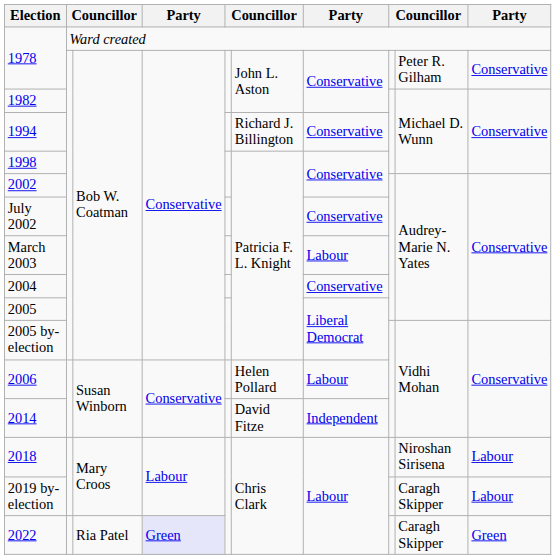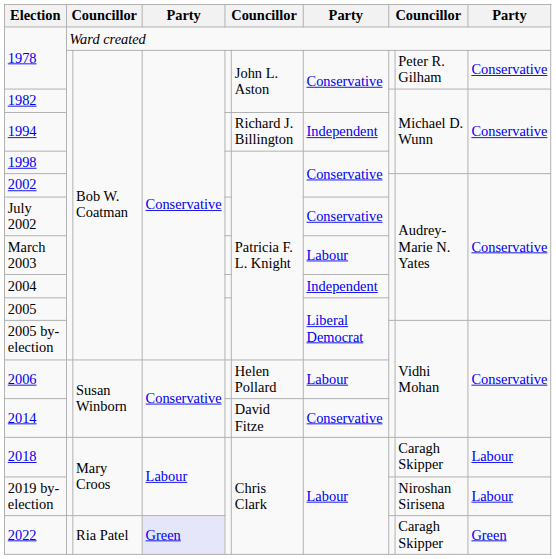 <table class="wikitable">
 <tr>
 <th>Election</th>
 <th colspan="2">Councillor</th>
 <th>Party</th>
 <th colspan="2">Councillor</th>
 <th>Party</th>
 <th colspan="2">Councillor</th>
 <th>Party</th>
 </tr>
 <tr>
 <td rowspan="2"><a href='#'>1978</a></td>
 <td colspan="12"><em>Ward created</em></td>
 </tr>
 <tr>
 <td rowspan="10" style="background-color: "></td>
 <td rowspan="10">Bob W. Coatman</td>
 <td rowspan="10"><a href='#'>Conservative</a></td>
 <td rowspan="2" style="background-color: "></td>
 <td rowspan="2">John L. Aston</td>
 <td rowspan="2"><a href='#'>Conservative</a></td>
 <td style="background-color: "></td>
 <td>Peter R. Gilham</td>
 <td><a href='#'>Conservative</a></td>
 </tr>
 <tr>
 <td><a href='#'>1982</a></td>
 <td rowspan="3" style="background-color: "></td>
 <td rowspan="3">Michael D. Wunn</td>
 <td rowspan="3"><a href='#'>Conservative</a></td>
 </tr>
 <tr>
 <td><a href='#'>1994</a></td>
 <td style="background-color: "></td>
 <td>Richard J. Billington</td>
-<td><a href='#'>Conservative</a></td>
+<td><a href='#'>Independent</a></td>
 </tr>
 <tr>
 <td><a href='#'>1998</a></td>
 <td rowspan="2" style="background-color: "></td>
 <td rowspan="7">Patricia F. L. Knight</td>
 <td rowspan="2"><a href='#'>Conservative</a></td>
 </tr>
 <tr>
 <td><a href='#'>2002</a></td>
 <td rowspan="5" style="background-color: "></td>
 <td rowspan="5">Audrey-Marie N. Yates</td>
 <td rowspan="5"><a href='#'>Conservative</a></td>
 </tr>
 <tr>
 <td>July 2002</td>
 <td style="background-color: "></td>
 <td><a href='#'>Conservative</a></td>
 </tr>
 <tr>
 <td>March 2003</td>
 <td style="background-color: "></td>
 <td><a href='#'>Labour</a></td>
 </tr>
 <tr>
 <td>2004</td>
 <td style="background-color: "></td>
-<td><a href='#'>Conservative</a></td>
+<td><a href='#'>Independent</a></td>
 </tr>
 <tr>
 <td>2005</td>
 <td rowspan="2" style="background-color: "></td>
 <td rowspan="2"><a href='#'>Liberal Democrat</a></td>
 </tr>
 <tr>
 <td>2005 by-election</td>
 <td rowspan="3" style="background-color: "></td>
 <td rowspan="3">Vidhi Mohan</td>
 <td rowspan="3"><a href='#'>Conservative</a></td>
 </tr>
 <tr>
 <td><a href='#'>2006</a></td>
 <td rowspan="2" style="background-color: "></td>
 <td rowspan="2">Susan Winborn</td>
 <td rowspan="2"><a href='#'>Conservative</a></td>
 <td style="background-color: "></td>
 <td>Helen Pollard</td>
 <td><a href='#'>Labour</a></td>
 </tr>
 <tr>
 <td><a href='#'>2014</a></td>
 <td style="background-color: "></td>
 <td>David Fitze</td>
-<td><a href='#'>Independent</a></td>
+<td><a href='#'>Conservative</a></td>
 </tr>
 <tr>
 <td><a href='#'>2018</a></td>
 <td rowspan="2" style="background-color: "></td>
 <td rowspan="2">Mary Croos</td>
 <td rowspan="2"><a href='#'>Labour</a></td>
 <td rowspan="3" style="background-color: "></td>
 <td rowspan="3">Chris Clark</td>
 <td rowspan="3"><a href='#'>Labour</a></td>
 <td style="background-color: "></td>
-<td>Niroshan Sirisena</td>
+<td>Caragh Skipper</td>
 <td><a href='#'>Labour</a></td>
 </tr>
 <tr>
 <td>2019 by-election</td>
 <td style="background-color: "></td>
-<td>Caragh Skipper</td>
+<td>Niroshan Sirisena</td>
 <td><a href='#'>Labour</a></td>
 </tr>
 <tr>
 <td><a href='#'>2022</a></td>
 <td style="background-color: "></td>
 <td>Ria Patel</td>
 <td style="background: lavender;"><a href='#'>Green</a></td>
 <td style="background-color: "></td>
 <td>Caragh Skipper</td>
 <td><a href='#'>Green</a></td>
 </tr>
 </table>
